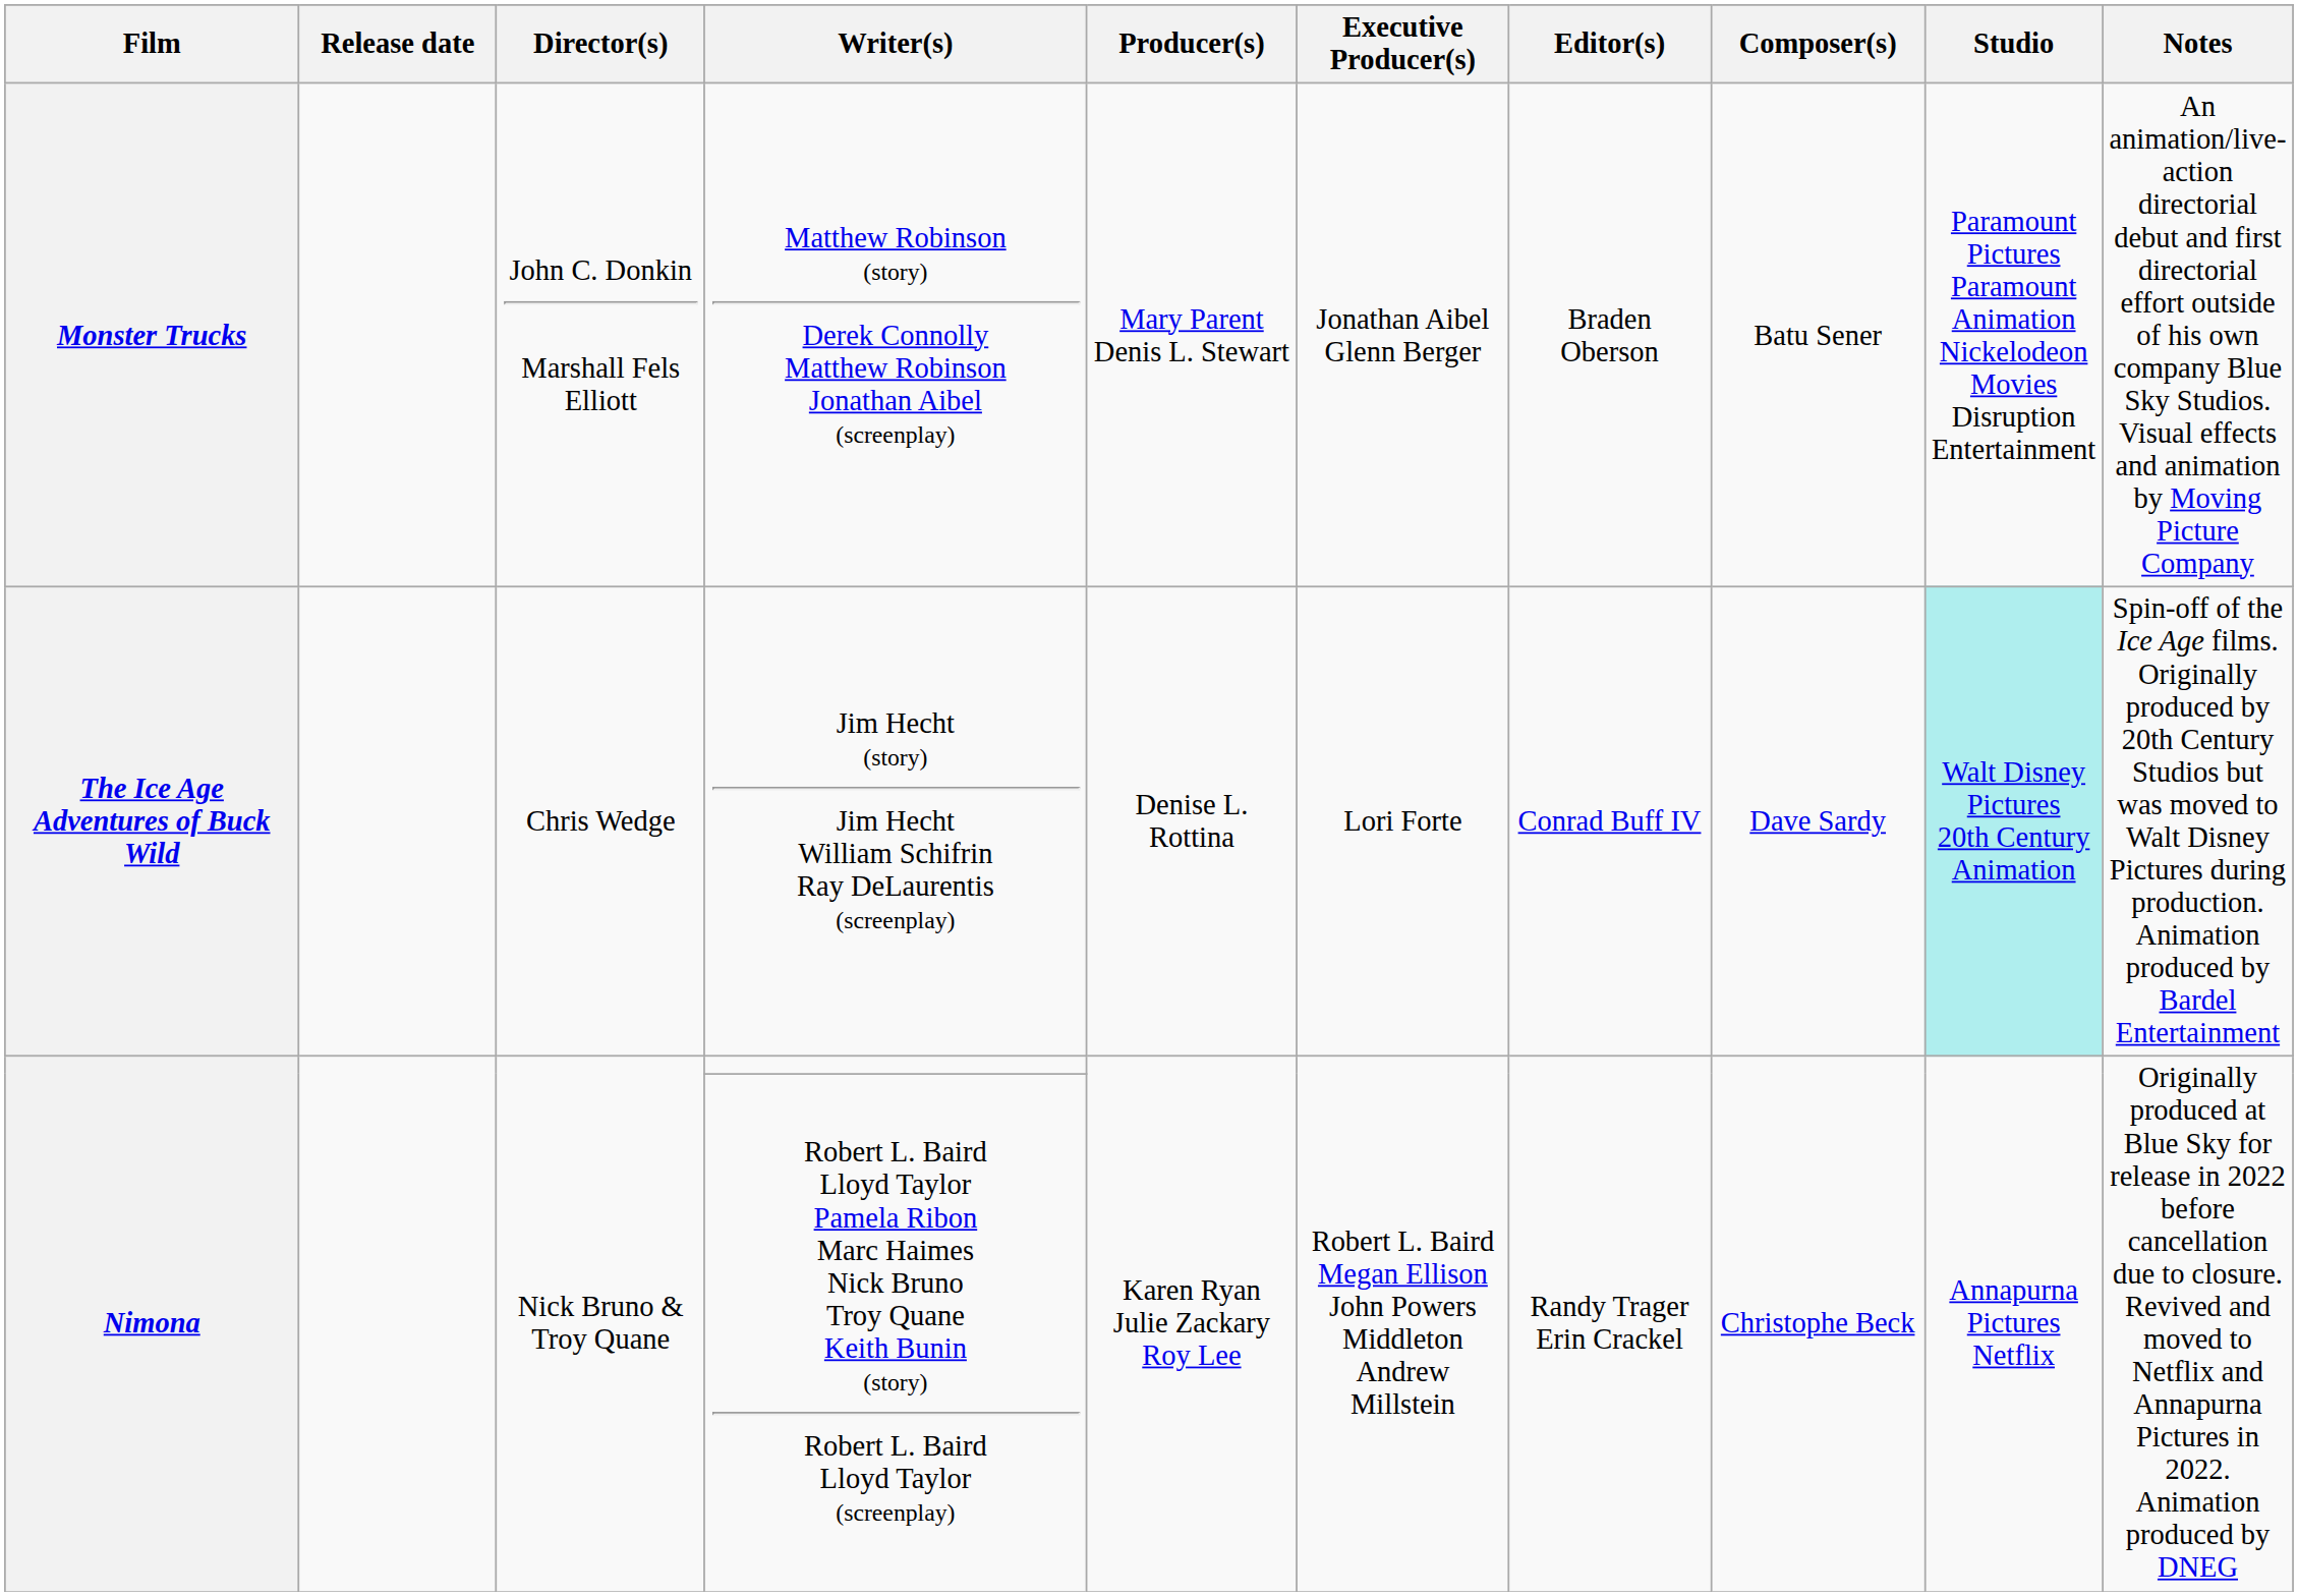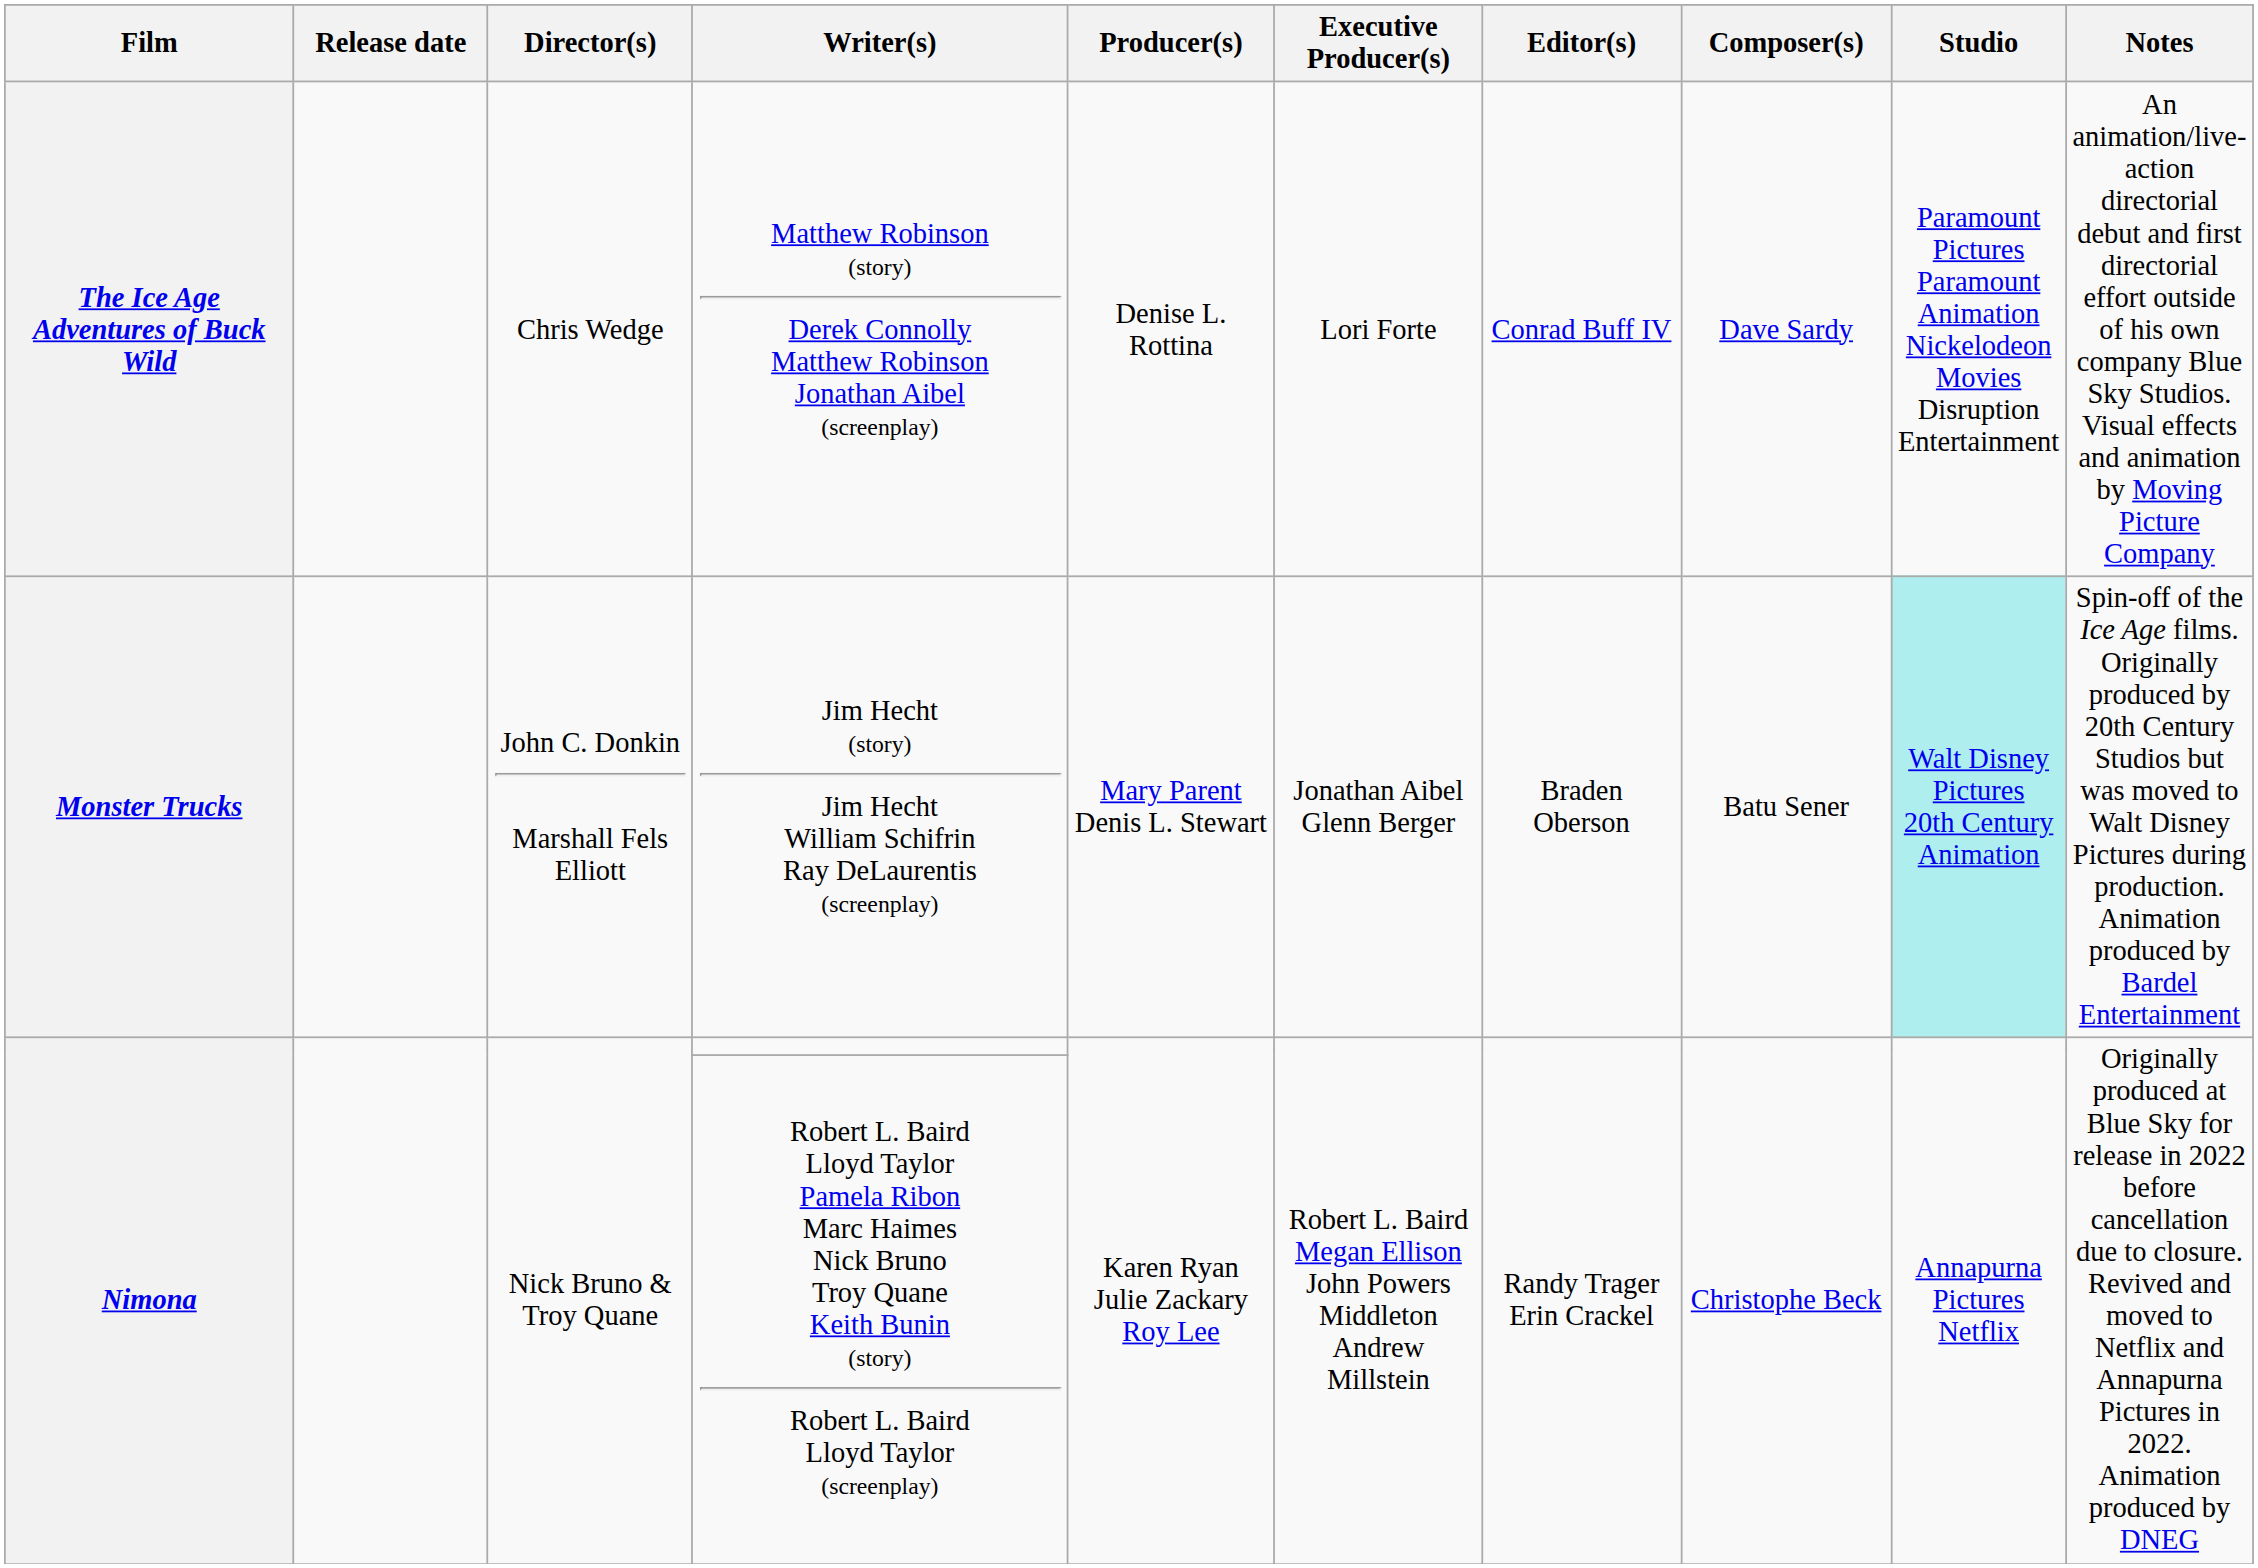 <table class="wikitable plainrowheaders sortable" style="text-align:center; margin=auto; width:100%;">
 <tr>
 <th width="15%">Film</th>
 <th width="10%">Release date</th>
 <th width="10%">Director(s)</th>
 <th width="20%">Writer(s)</th>
 <th width="10%">Producer(s)</th>
 <th width="10%">Executive Producer(s)</th>
 <th width="10%">Editor(s)</th>
 <th width="10%">Composer(s)</th>
 <th width="10%">Studio</th>
 <th>Notes</th>
 </tr>
 <tr>
+<th scope="row" style="text-align:center;"><em><a href='#'>The Ice Age Adventures of Buck Wild</a></em></th>
+<td></td>
+<td>Chris Wedge</td>
+<td><a href='#'>Matthew Robinson</a> <br><small>(story)</small><hr><a href='#'>Derek Connolly</a><br><a href='#'>Matthew Robinson</a><br><a href='#'>Jonathan Aibel</a><br><small>(screenplay)</small></td>
+<td>Denise L. Rottina</td>
+<td>Lori Forte</td>
+<td><a href='#'>Conrad Buff IV</a></td>
+<td><a href='#'>Dave Sardy</a></td>
+<td><a href='#'>Paramount Pictures</a><br><a href='#'>Paramount Animation</a><br><a href='#'>Nickelodeon Movies</a><br>Disruption Entertainment</td>
+<td>An animation/live-action directorial debut and first directorial effort outside of his own company Blue Sky Studios. Visual effects and animation by <a href='#'>Moving Picture Company</a></td>
+</tr>
+<tr>
 <th scope="row" style="text-align:center;"><em><a href='#'>Monster Trucks</a></em></th>
 <td></td>
 <td>John C. Donkin<hr><br>Marshall Fels Elliott</td>
-<td><a href='#'>Matthew Robinson</a> <br><small>(story)</small><hr><a href='#'>Derek Connolly</a><br><a href='#'>Matthew Robinson</a><br><a href='#'>Jonathan Aibel</a><br><small>(screenplay)</small></td>
+<td>Jim Hecht <br><small>(story)</small><hr>Jim Hecht<br>William Schifrin<br>Ray DeLaurentis<br><small>(screenplay)</small></td>
 <td><a href='#'>Mary Parent</a><br>Denis L. Stewart</td>
 <td>Jonathan Aibel<br>Glenn Berger</td>
 <td>Braden Oberson</td>
 <td>Batu Sener</td>
-<td><a href='#'>Paramount Pictures</a><br><a href='#'>Paramount Animation</a><br><a href='#'>Nickelodeon Movies</a><br>Disruption Entertainment</td>
-<td>An animation/live-action directorial debut and first directorial effort outside of his own company Blue Sky Studios. Visual effects and animation by <a href='#'>Moving Picture Company</a></td>
-</tr>
-<tr>
-<th scope="row" style="text-align:center;"><em><a href='#'>The Ice Age Adventures of Buck Wild</a></em></th>
-<td></td>
-<td>Chris Wedge</td>
-<td>Jim Hecht <br><small>(story)</small><hr>Jim Hecht<br>William Schifrin<br>Ray DeLaurentis<br><small>(screenplay)</small></td>
-<td>Denise L. Rottina</td>
-<td>Lori Forte</td>
-<td><a href='#'>Conrad Buff IV</a></td>
-<td><a href='#'>Dave Sardy</a></td>
 <td style="background: paleturquoise;"><a href='#'>Walt Disney Pictures</a><br><a href='#'>20th Century Animation</a></td>
 <td>Spin-off of the <em>Ice Age</em> films. Originally produced by 20th Century Studios but was moved to Walt Disney Pictures during production. Animation produced by <a href='#'>Bardel Entertainment</a></td>
 </tr>
 <tr>
 <th rowspan="2" scope="row" style="text-align:center;"><em><a href='#'>Nimona</a></em></th>
 <td rowspan="2"></td>
 <td rowspan="2">Nick Bruno & Troy Quane</td>
 <td></td>
 <td rowspan="2">Karen Ryan<br>Julie Zackary<br><a href='#'>Roy Lee</a></td>
 <td rowspan="2">Robert L. Baird<br><a href='#'>Megan Ellison</a><br>John Powers Middleton<br>Andrew Millstein</td>
 <td rowspan="2">Randy Trager<br>Erin Crackel</td>
 <td rowspan="2"><a href='#'>Christophe Beck</a></td>
 <td rowspan="2"><a href='#'>Annapurna Pictures</a><br><a href='#'>Netflix</a></td>
 <td rowspan="2">Originally produced at Blue Sky for release in 2022 before cancellation due to closure. Revived and moved to Netflix and Annapurna Pictures in 2022. Animation produced by <a href='#'>DNEG</a></td>
 </tr>
 <tr>
 <td>Robert L. Baird<br>Lloyd Taylor<br><a href='#'>Pamela Ribon</a><br>Marc Haimes<br>Nick Bruno<br>Troy Quane<br><a href='#'>Keith Bunin</a><br><small>(story)</small><hr>Robert L. Baird<br>Lloyd Taylor<br><small>(screenplay)</small></td>
 </tr>
 </table>
